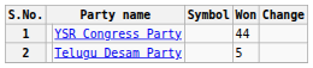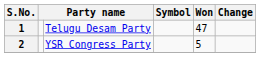 <table CLASS="sortable wikitable">
 <tr>
 <th>S.No.</th>
 <th colspan=2>Party name</th>
 <th>Symbol</th>
 <th>Won</th>
 <th>Change</th>
 </tr>
 <tr>
 <th>1</th>
 <td></td>
-<td><a href='#'>YSR Congress Party</a></td>
+<td><a href='#'>Telugu Desam Party</a></td>
 <td></td>
-<td>44</td>
+<td>47</td>
 <td></td>
 </tr>
 <tr>
 <th>2</th>
 <td></td>
-<td><a href='#'>Telugu Desam Party</a></td>
+<td><a href='#'>YSR Congress Party</a></td>
 <td></td>
 <td>5</td>
 <td></td>
 </tr>
 <tr>
 </tr>
 </table>
